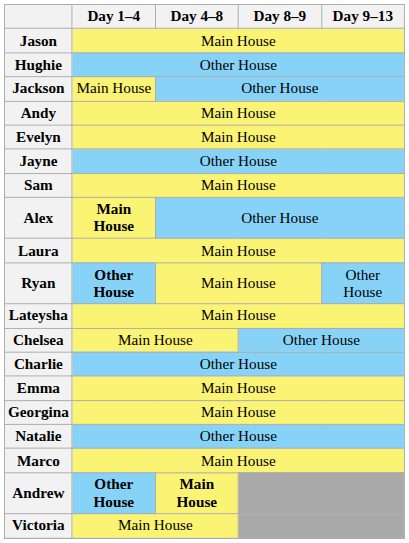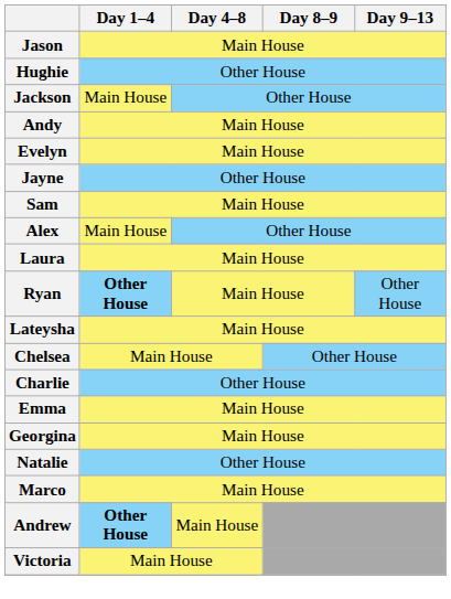 <table class="wikitable" style="text-align:center;">
 <tr>
 <th></th>
 <th style="width:80px;">Day 1–4</th>
 <th style="width:80px;">Day 4–8</th>
 <th style="width:80px;">Day 8–9</th>
 <th style="width:80px;">Day 9–13</th>
 </tr>
 <tr>
 <th>Jason</th>
 <td colspan="4" style="background:#FBF373;">Main House</td>
 </tr>
 <tr>
 <th>Hughie</th>
 <td colspan="4" style="background:#87D3F8;">Other House</td>
 </tr>
 <tr>
 <th>Jackson</th>
 <td style="background:#FBF373;">Main House</td>
 <td colspan="3" style="background:#87D3F8;">Other House</td>
 </tr>
 <tr>
 <th>Andy</th>
 <td colspan="4" style="background:#FBF373;">Main House</td>
 </tr>
 <tr>
 <th>Evelyn</th>
 <td colspan="4" style="background:#FBF373;">Main House</td>
 </tr>
 <tr>
 <th>Jayne</th>
 <td colspan="4" style="background:#87D3F8;">Other House</td>
 </tr>
 <tr>
 <th>Sam</th>
 <td colspan="4" style="background:#FBF373;">Main House</td>
 </tr>
 <tr>
 <th>Alex</th>
-<td style="background:#FBF373;"><strong>Main House</strong></td>
+<td style="background:#FBF373;">Main House</td>
 <td colspan="3" style="background:#87D3F8;">Other House</td>
 </tr>
 <tr>
 <th>Laura</th>
 <td colspan="4" style="background:#FBF373;">Main House</td>
 </tr>
 <tr>
 <th>Ryan</th>
 <td style="background:#87D3F8;"><strong>Other House</strong></td>
 <td colspan="2" style="background:#FBF373;">Main House</td>
 <td style="background:#87D3F8;">Other House</td>
 </tr>
 <tr>
 <th>Lateysha</th>
 <td colspan="4" style="background:#FBF373;">Main House</td>
 </tr>
 <tr>
 <th>Chelsea</th>
 <td colspan="2" style="background:#FBF373;">Main House</td>
 <td colspan="2" style="background:#87D3F8;">Other House</td>
 </tr>
 <tr>
 <th>Charlie</th>
 <td colspan="4" style="background:#87D3F8;">Other House</td>
 </tr>
 <tr>
 <th>Emma</th>
 <td colspan="4" style="background:#FBF373;">Main House</td>
 </tr>
 <tr>
 <th>Georgina</th>
 <td colspan="4" style="background:#FBF373;">Main House</td>
 </tr>
 <tr>
 <th>Natalie</th>
 <td colspan="4" style="background:#87D3F8;">Other House</td>
 </tr>
 <tr>
 <th>Marco</th>
 <td colspan="4" style="background:#FBF373;">Main House</td>
 </tr>
 <tr>
 <th>Andrew</th>
 <td style="background:#87D3F8;"><strong>Other House</strong></td>
-<td style="background:#FBF373;"><strong>Main House</strong></td>
+<td style="background:#FBF373;">Main House</td>
 <td colspan="2" bgcolor="A9A9A9"></td>
 </tr>
 <tr>
 <th>Victoria</th>
 <td colspan="2" style="background:#FBF373;">Main House</td>
 <td colspan="2" bgcolor="A9A9A9"></td>
 </tr>
 <tr>
 </tr>
 </table>
